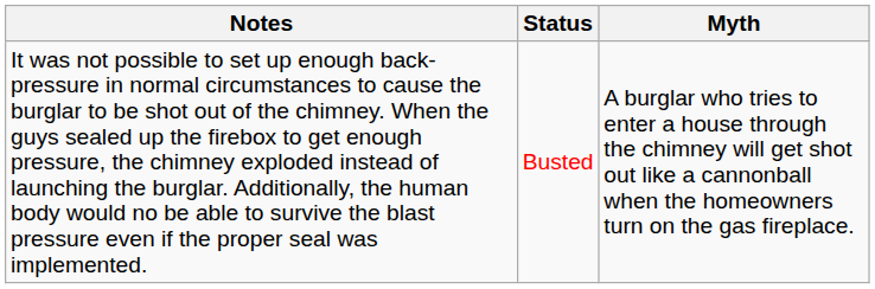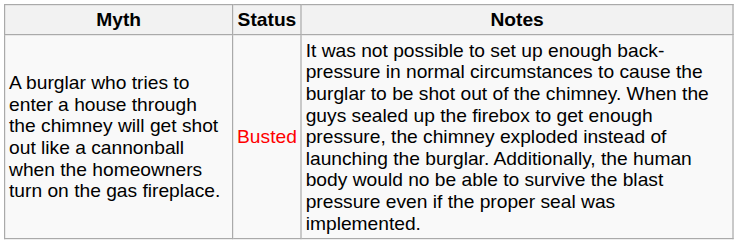 <table class="wikitable plainrowheaders">
 <tr>
+<th scope"col">Myth</th>
+<th scope"col">Status</th>
 <th scope"col">Notes</th>
-<th scope"col">Status</th>
-<th scope"col">Myth</th>
 </tr>
 <tr>
+<td scope"row">A burglar who tries to enter a house through the chimney will get shot out like a cannonball when the homeowners turn on the gas fireplace.</td>
+<td style="color:red">Busted</td>
 <td>It was not possible to set up enough back-pressure in normal circumstances to cause the burglar to be shot out of the chimney. When the guys sealed up the firebox to get enough pressure, the chimney exploded instead of launching the burglar. Additionally, the human body would no be able to survive the blast pressure even if the proper seal was implemented.</td>
-<td style="color:red">Busted</td>
-<td scope"row">A burglar who tries to enter a house through the chimney will get shot out like a cannonball when the homeowners turn on the gas fireplace.</td>
 </tr>
 </table>
